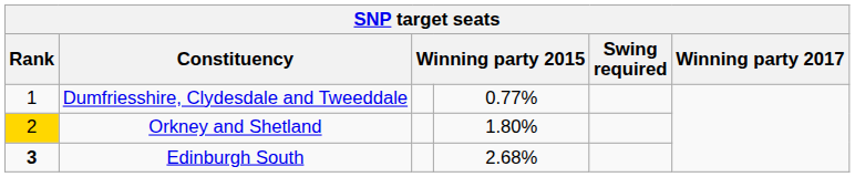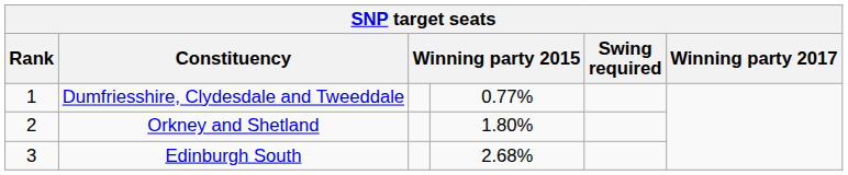 <table class="wikitable plainrowheaders sortable" style="text-align:center">
 <tr>
 <th colspan=7><a href='#'>SNP</a> target seats</th>
 </tr>
 <tr>
 <th>Rank</th>
 <th>Constituency</th>
 <th colspan=2>Winning party 2015</th>
 <th>Swing<br>required</th>
 <th colspan=2>Winning party 2017</th>
 </tr>
 <tr>
 <td>1</td>
 <td><a href='#'>Dumfriesshire, Clydesdale and Tweeddale</a></td>
 <td></td>
 <td>0.77%</td>
 <td></td>
 </tr>
 <tr>
-<td style="background: gold;">2</td>
+<td>2</td>
 <td><a href='#'>Orkney and Shetland</a></td>
 <td></td>
 <td>1.80%</td>
 <td></td>
 </tr>
 <tr>
-<td><strong>3</strong></td>
+<td>3</td>
 <td><a href='#'>Edinburgh South</a></td>
 <td></td>
 <td>2.68%</td>
 <td></td>
 </tr>
 </table>
